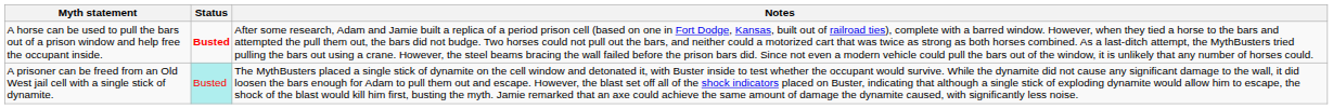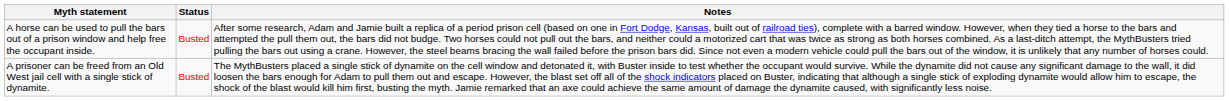 <table class="wikitable plainrowheaders">
 <tr>
 <th>Myth statement</th>
 <th>Status</th>
 <th>Notes</th>
 </tr>
 <tr>
 <td>A horse can be used to pull the bars out of a prison window and help free the occupant inside.</td>
-<td style="color:red"><strong>Busted</strong></td>
+<td style="color:red">Busted</td>
 <td>After some research, Adam and Jamie built a replica of a period prison cell (based on one in <a href='#'>Fort Dodge</a>, <a href='#'>Kansas</a>, built out of <a href='#'>railroad ties</a>), complete with a barred window. However, when they tied a horse to the bars and attempted the pull them out, the bars did not budge. Two horses could not pull out the bars, and neither could a motorized cart that was twice as strong as both horses combined. As a last-ditch attempt, the MythBusters tried pulling the bars out using a  crane. However, the steel beams bracing the wall failed before the prison bars did. Since not even a modern vehicle could pull the bars out of the window, it is unlikely that any number of horses could.</td>
 </tr>
 <tr>
 <td>A prisoner can be freed from an Old West jail cell with a single stick of dynamite.</td>
-<td style="background: paleturquoise; color:red">Busted</td>
+<td style="color:red">Busted</td>
 <td>The MythBusters placed a single stick of dynamite on the cell window and detonated it, with Buster inside to test whether the occupant would survive. While the dynamite did not cause any significant damage to the wall, it did loosen the bars enough for Adam to pull them out and escape. However, the blast set off all of the <a href='#'>shock indicators</a> placed on Buster, indicating that although a single stick of exploding dynamite would allow him to escape, the shock of the blast would kill him first, busting the myth. Jamie remarked that an axe could achieve the same amount of damage the dynamite caused, with significantly less noise.</td>
 </tr>
 </table>
